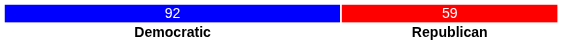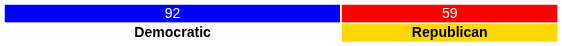 <table style="width:50%; text-align:center;">
 <tr style="color:white;">
 <td style="background:blue; width:60.93%;">92</td>
 <td style="background:red; width:39.07%;">59</td>
 </tr>
 <tr>
 <td><span><strong>Democratic</strong></span></td>
-<td><span><strong>Republican</strong></span></td>
+<td style="background: gold;"><span><strong>Republican</strong></span></td>
 </tr>
 </table>
